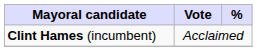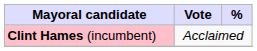 <table class="wikitable">
 <tr>
 <th style="background:#ddf;" width="200px">Mayoral candidate</th>
 <th style="background:#ddf;" width="50px">Vote</th>
 <th style="background:#ddf;" width="30px">%</th>
 </tr>
 <tr>
-<td><strong>Clint Hames</strong> (incumbent)</td>
+<td style="background: pink;"><strong>Clint Hames</strong> (incumbent)</td>
 <td colspan=2 style="text-align: center;"><em>Acclaimed</em></td>
 </tr>
 <tr>
 </tr>
 </table>
